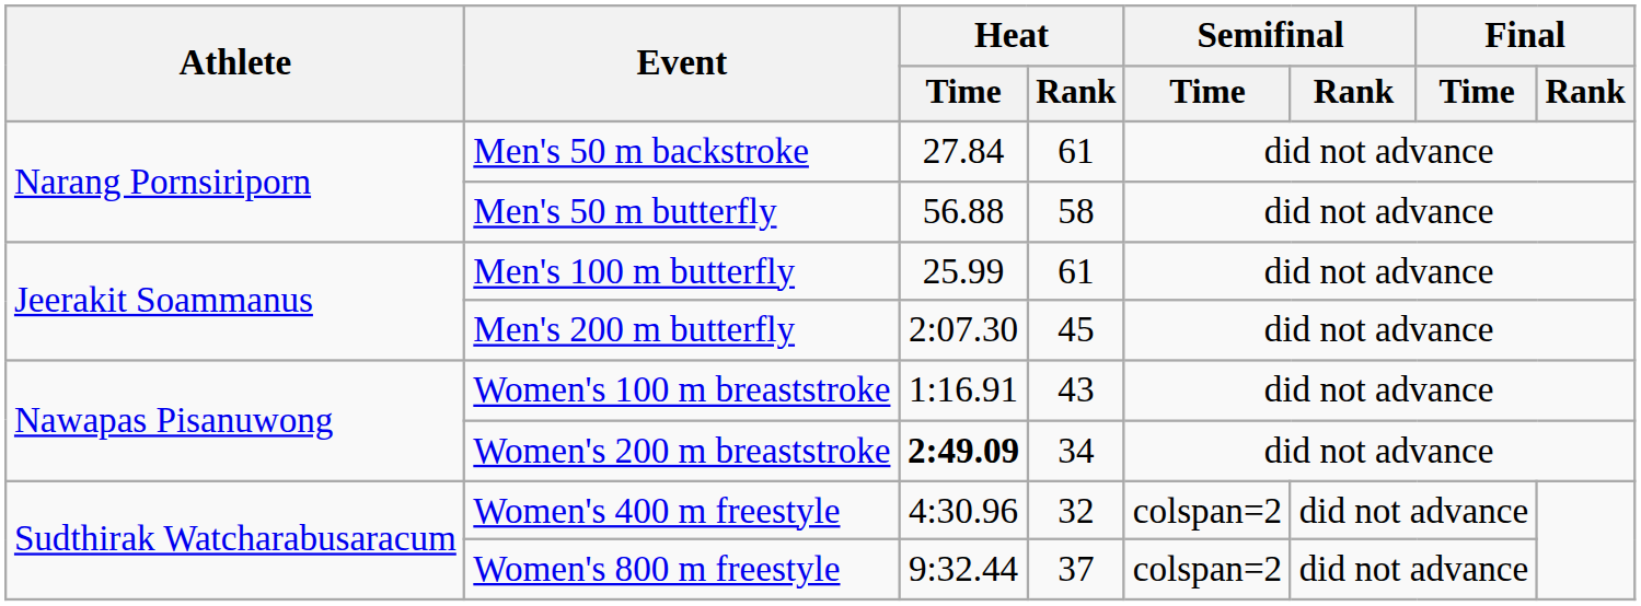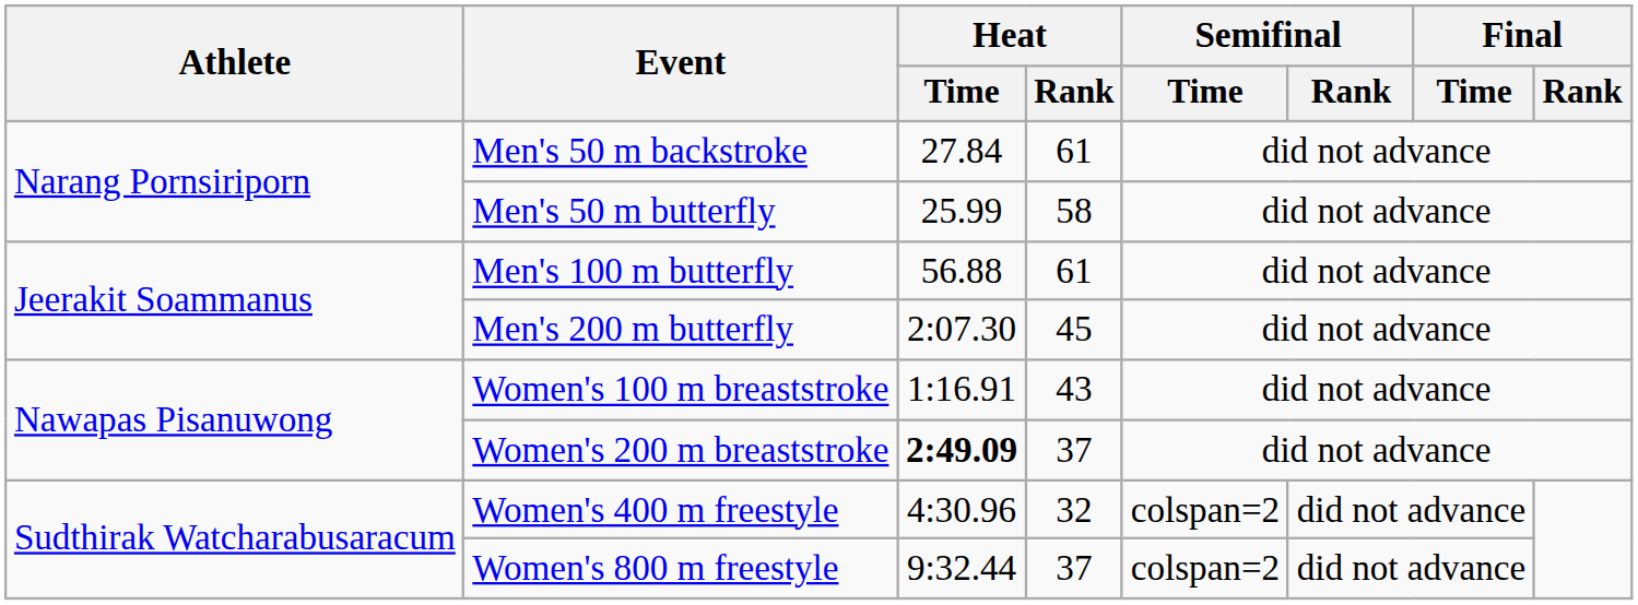 <table class=wikitable style="font-size:90%">
 <tr>
 <th rowspan="2">Athlete</th>
 <th rowspan="2">Event</th>
 <th colspan="2">Heat</th>
 <th colspan="2">Semifinal</th>
 <th colspan="2">Final</th>
 </tr>
 <tr style="font-size:95%">
 <th>Time</th>
 <th>Rank</th>
 <th>Time</th>
 <th>Rank</th>
 <th>Time</th>
 <th>Rank</th>
 </tr>
 <tr align=center>
 <td align=left rowspan=2><a href='#'>Narang Pornsiriporn</a></td>
 <td align=left><a href='#'>Men's 50 m backstroke</a></td>
 <td>27.84</td>
 <td>61</td>
 <td colspan=4>did not advance</td>
 </tr>
 <tr align=center>
 <td align=left><a href='#'>Men's 50 m butterfly</a></td>
-<td>56.88</td>
+<td>25.99</td>
 <td>58</td>
 <td colspan=4>did not advance</td>
 </tr>
 <tr align=center>
 <td align=left rowspan=2><a href='#'>Jeerakit Soammanus</a></td>
 <td align=left><a href='#'>Men's 100 m butterfly</a></td>
-<td>25.99</td>
+<td>56.88</td>
 <td>61</td>
 <td colspan=4>did not advance</td>
 </tr>
 <tr align=center>
 <td align=left><a href='#'>Men's 200 m butterfly</a></td>
 <td>2:07.30</td>
 <td>45</td>
 <td colspan=4>did not advance</td>
 </tr>
 <tr align=center>
 <td align=left rowspan=2><a href='#'>Nawapas Pisanuwong</a></td>
 <td align=left><a href='#'>Women's 100 m breaststroke</a></td>
 <td>1:16.91</td>
 <td>43</td>
 <td colspan=4>did not advance</td>
 </tr>
 <tr align=center>
 <td align=left><a href='#'>Women's 200 m breaststroke</a></td>
 <td><strong>2:49.09</strong></td>
-<td>34</td>
+<td>37</td>
 <td colspan=4>did not advance</td>
 </tr>
 <tr align=center>
 <td align=left rowspan=2><a href='#'>Sudthirak Watcharabusaracum</a></td>
 <td align=left><a href='#'>Women's 400 m freestyle</a></td>
 <td>4:30.96</td>
 <td>32</td>
 <td>colspan=2 </td>
 <td colspan=2>did not advance</td>
 </tr>
 <tr align=center>
 <td align=left><a href='#'>Women's 800 m freestyle</a></td>
 <td>9:32.44</td>
 <td>37</td>
 <td>colspan=2 </td>
 <td colspan=2>did not advance</td>
 </tr>
 </table>
